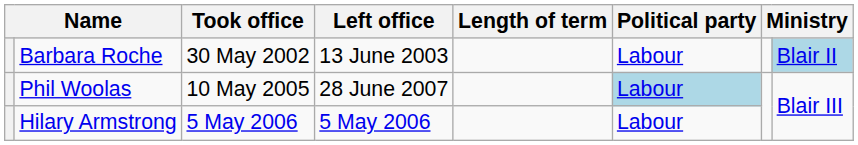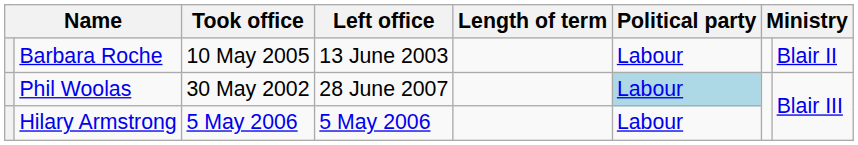 <table class="wikitable">
 <tr>
 <th colspan=2>Name</th>
 <th>Took office</th>
 <th>Left office</th>
 <th>Length of term</th>
 <th>Political party</th>
 <th colspan="2">Ministry</th>
 </tr>
 <tr>
 <th style="background-color: "></th>
 <td><a href='#'>Barbara Roche</a></td>
-<td>30 May 2002</td>
+<td>10 May 2005</td>
 <td>13 June 2003</td>
 <td></td>
 <td><a href='#'>Labour</a></td>
 <td style="background-color: "></td>
-<td style="background: lightblue;"><a href='#'>Blair II</a></td>
+<td><a href='#'>Blair II</a></td>
 </tr>
 <tr>
 <th style="background-color: "></th>
 <td><a href='#'>Phil Woolas</a></td>
-<td>10 May 2005</td>
+<td>30 May 2002</td>
 <td>28 June 2007</td>
 <td></td>
 <td style="background: lightblue;"><a href='#'>Labour</a></td>
 <td rowspan="2" style="background-color: "></td>
 <td rowspan="2" ><a href='#'>Blair III</a></td>
 </tr>
 <tr>
 <th style="background-color: "></th>
 <td><a href='#'>Hilary Armstrong</a></td>
 <td><a href='#'>5 May 2006</a></td>
 <td><a href='#'>5 May 2006</a></td>
 <td></td>
 <td><a href='#'>Labour</a></td>
 </tr>
 </table>
